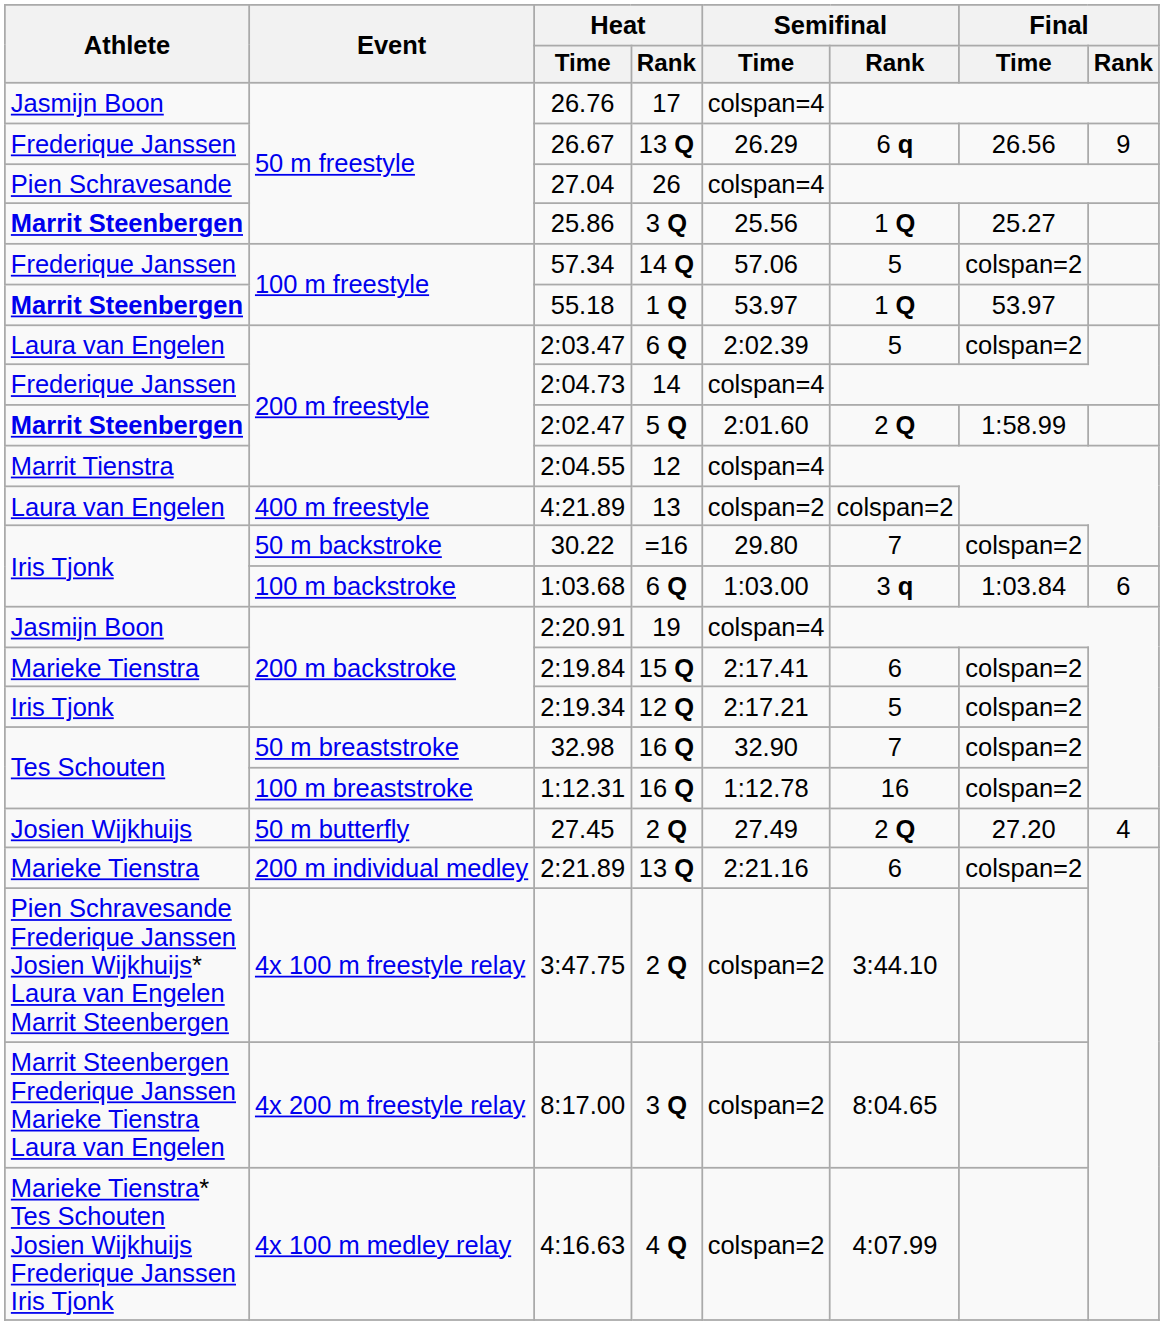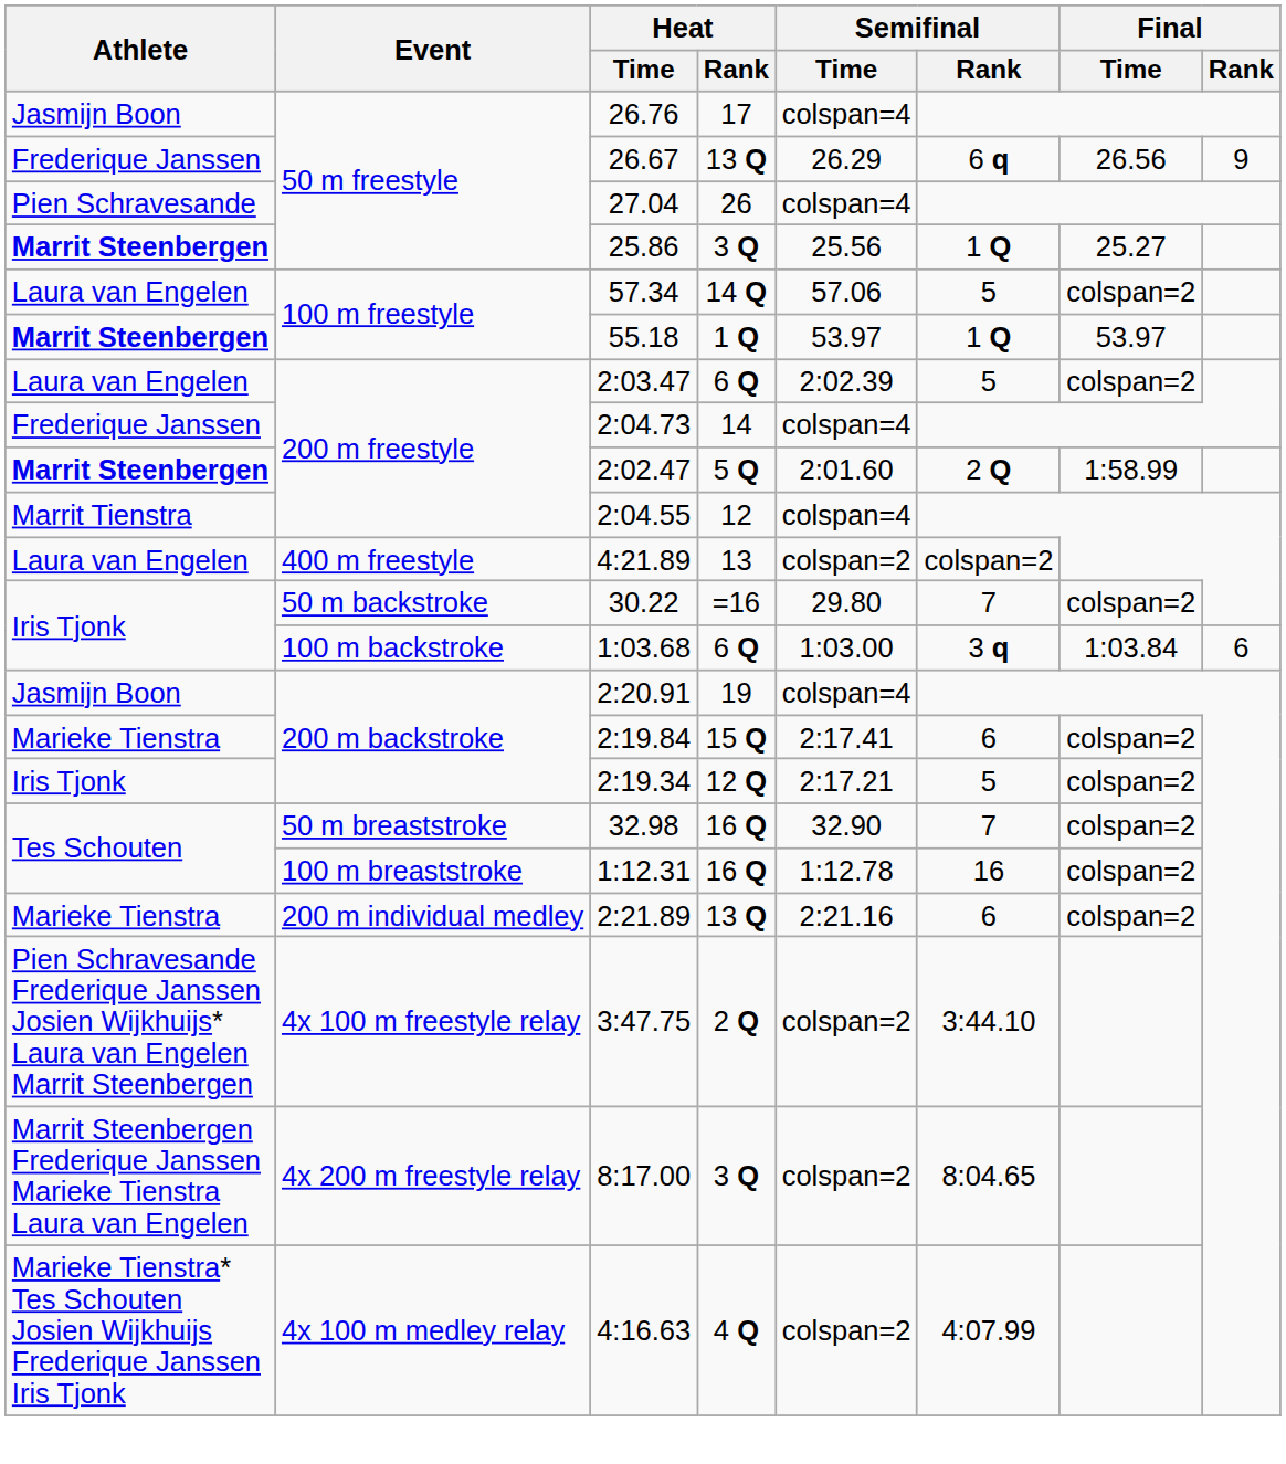 <table class="wikitable" style="text-align:center; font-size:90%">
 <tr>
 <th rowspan=2>Athlete</th>
 <th rowspan=2>Event</th>
 <th colspan=2>Heat</th>
 <th colspan=2>Semifinal</th>
 <th colspan=2>Final</th>
 </tr>
 <tr style="font-size:95%">
 <th>Time</th>
 <th>Rank</th>
 <th>Time</th>
 <th>Rank</th>
 <th>Time</th>
 <th>Rank</th>
 </tr>
 <tr>
 <td align=left><a href='#'>Jasmijn Boon</a></td>
 <td rowspan=4 align=left><a href='#'>50 m freestyle</a></td>
 <td>26.76</td>
 <td>17</td>
 <td>colspan=4 </td>
 </tr>
 <tr>
 <td align=left><a href='#'>Frederique Janssen</a></td>
 <td>26.67</td>
 <td>13 <strong>Q</strong></td>
 <td>26.29</td>
 <td>6 <strong>q</strong></td>
 <td>26.56</td>
 <td>9</td>
 </tr>
 <tr>
 <td align=left><a href='#'>Pien Schravesande</a></td>
 <td>27.04</td>
 <td>26</td>
 <td>colspan=4 </td>
 </tr>
 <tr>
 <td align=left><strong><a href='#'>Marrit Steenbergen</a></strong></td>
 <td>25.86</td>
 <td>3 <strong>Q</strong></td>
 <td>25.56</td>
 <td>1 <strong>Q</strong></td>
 <td>25.27</td>
 <td></td>
 </tr>
 <tr>
-<td align=left><a href='#'>Frederique Janssen</a></td>
+<td align=left><a href='#'>Laura van Engelen</a></td>
 <td rowspan=2 align=left><a href='#'>100 m freestyle</a></td>
 <td>57.34</td>
 <td>14 <strong>Q</strong></td>
 <td>57.06</td>
 <td>5</td>
 <td>colspan=2 </td>
 </tr>
 <tr>
 <td align=left><strong><a href='#'>Marrit Steenbergen</a></strong></td>
 <td>55.18</td>
 <td>1 <strong>Q</strong></td>
 <td>53.97</td>
 <td>1 <strong>Q</strong></td>
 <td>53.97</td>
 <td></td>
 </tr>
 <tr>
 <td align=left><a href='#'>Laura van Engelen</a></td>
 <td rowspan=4 align=left><a href='#'>200 m freestyle</a></td>
 <td>2:03.47</td>
 <td>6 <strong>Q</strong></td>
 <td>2:02.39</td>
 <td>5</td>
 <td>colspan=2 </td>
 </tr>
 <tr>
 <td align=left><a href='#'>Frederique Janssen</a></td>
 <td>2:04.73</td>
 <td>14</td>
 <td>colspan=4 </td>
 </tr>
 <tr>
 <td align=left><strong><a href='#'>Marrit Steenbergen</a></strong></td>
 <td>2:02.47</td>
 <td>5 <strong>Q</strong></td>
 <td>2:01.60</td>
 <td>2 <strong>Q</strong></td>
 <td>1:58.99</td>
 <td></td>
 </tr>
 <tr>
 <td align=left><a href='#'>Marrit Tienstra</a></td>
 <td>2:04.55</td>
 <td>12</td>
 <td>colspan=4 </td>
 </tr>
 <tr>
 <td align=left><a href='#'>Laura van Engelen</a></td>
 <td rowspan=1 align=left><a href='#'>400 m freestyle</a></td>
 <td>4:21.89</td>
 <td>13</td>
 <td>colspan=2 </td>
 <td>colspan=2 </td>
 </tr>
 <tr>
 <td rowspan=2 align=left><a href='#'>Iris Tjonk</a></td>
 <td rowspan=1 align=left><a href='#'>50 m backstroke</a></td>
 <td>30.22</td>
 <td>=16 </td>
 <td>29.80</td>
 <td>7</td>
 <td>colspan=2 </td>
 </tr>
 <tr>
 <td rowspan=1 align=left><a href='#'>100 m backstroke</a></td>
 <td>1:03.68</td>
 <td>6 <strong>Q</strong></td>
 <td>1:03.00</td>
 <td>3 <strong>q</strong></td>
 <td>1:03.84</td>
 <td>6</td>
 </tr>
 <tr>
 <td align=left><a href='#'>Jasmijn Boon</a></td>
 <td rowspan=3 align=left><a href='#'>200 m backstroke</a></td>
 <td>2:20.91</td>
 <td>19</td>
 <td>colspan=4 </td>
 </tr>
 <tr>
 <td rowspan=1 align=left><a href='#'>Marieke Tienstra</a></td>
 <td>2:19.84</td>
 <td>15 <strong>Q</strong></td>
 <td>2:17.41</td>
 <td>6</td>
 <td>colspan=2 </td>
 </tr>
 <tr>
 <td rowspan=1 align=left><a href='#'>Iris Tjonk</a></td>
 <td>2:19.34</td>
 <td>12 <strong>Q</strong></td>
 <td>2:17.21</td>
 <td>5</td>
 <td>colspan=2 </td>
 </tr>
 <tr>
 <td rowspan=2 align=left><a href='#'>Tes Schouten</a></td>
 <td rowspan=1 align=left><a href='#'>50 m breaststroke</a></td>
 <td>32.98</td>
 <td>16 <strong>Q</strong></td>
 <td>32.90</td>
 <td>7</td>
 <td>colspan=2 </td>
 </tr>
 <tr>
 <td rowspan=1 align=left><a href='#'>100 m breaststroke</a></td>
 <td>1:12.31</td>
 <td>16 <strong>Q</strong></td>
 <td>1:12.78</td>
 <td>16</td>
 <td>colspan=2 </td>
 </tr>
 <tr>
-<td align=left><a href='#'>Josien Wijkhuijs</a></td>
-<td align=left><a href='#'>50 m butterfly</a></td>
-<td>27.45</td>
-<td>2 <strong>Q</strong></td>
-<td>27.49</td>
-<td>2 <strong>Q</strong></td>
-<td>27.20</td>
-<td>4</td>
-</tr>
-<tr>
 <td align=left><a href='#'>Marieke Tienstra</a></td>
 <td align=left><a href='#'>200 m individual medley</a></td>
 <td>2:21.89</td>
 <td>13 <strong>Q</strong></td>
 <td>2:21.16</td>
 <td>6</td>
 <td>colspan=2 </td>
 </tr>
 <tr>
 <td align=left><a href='#'>Pien Schravesande</a><br><a href='#'>Frederique Janssen</a><br><a href='#'>Josien Wijkhuijs</a>*<br><a href='#'>Laura van Engelen</a><br><a href='#'>Marrit Steenbergen</a></td>
 <td align=left><a href='#'>4x 100 m freestyle relay</a></td>
 <td>3:47.75</td>
 <td>2 <strong>Q</strong></td>
 <td>colspan=2 </td>
 <td>3:44.10</td>
 <td></td>
 </tr>
 <tr>
 <td align=left><a href='#'>Marrit Steenbergen </a><br><a href='#'>Frederique Janssen</a><br><a href='#'>Marieke Tienstra</a><br><a href='#'>Laura van Engelen</a></td>
 <td align=left><a href='#'>4x 200 m freestyle relay</a></td>
 <td>8:17.00</td>
 <td>3 <strong>Q</strong></td>
 <td>colspan=2 </td>
 <td>8:04.65</td>
 <td></td>
 </tr>
 <tr>
 <td align=left><a href='#'>Marieke Tienstra</a>*<br><a href='#'>Tes Schouten</a><br><a href='#'>Josien Wijkhuijs</a><br><a href='#'>Frederique Janssen</a><br><a href='#'>Iris Tjonk</a></td>
 <td align=left><a href='#'>4x 100 m medley relay</a></td>
 <td>4:16.63</td>
 <td>4 <strong>Q</strong></td>
 <td>colspan=2 </td>
 <td>4:07.99</td>
 <td></td>
 </tr>
 </table>
